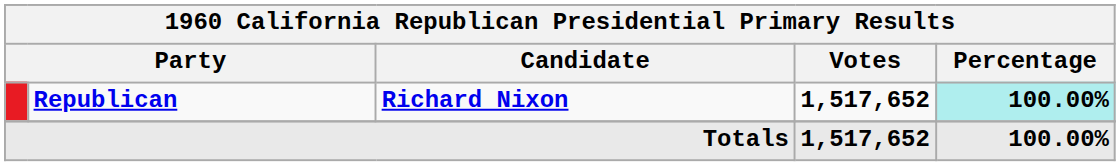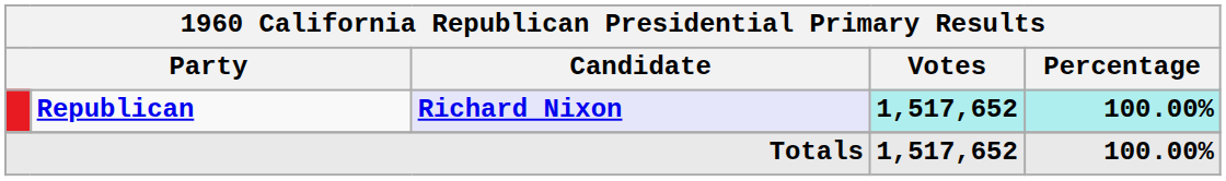 <table class="wikitable" style="font-size: 95%;">
 <tr>
 <th colspan="7">1960 California Republican Presidential Primary Results</th>
 </tr>
 <tr>
 <th colspan="2" style="width: 15em">Party</th>
 <th style="width: 17em">Candidate</th>
 <th style="width: 5em">Votes</th>
 <th style="width: 7em">Percentage</th>
 </tr>
 <tr>
 <th style="background-color:#E81B23; width: 3px"></th>
 <td style="width: 130px"><strong><a href='#'>Republican</a></strong></td>
-<td><strong><a href='#'>Richard Nixon</a></strong></td>
-<td align="right"><strong>1,517,652</strong></td>
+<td style="background: lavender;"><strong><a href='#'>Richard Nixon</a></strong></td>
+<td align="right" style="background: paleturquoise;"><strong>1,517,652</strong></td>
 <td align="right" style="background: paleturquoise;"><strong>100.00%</strong></td>
 </tr>
 <tr>
 </tr>
 <tr bgcolor="#E9E9E9">
 <td colspan="3" align="right"><strong>Totals</strong></td>
 <td align="right"><strong>1,517,652</strong></td>
 <td align="right"><strong>100.00%</strong></td>
 </tr>
 </table>
